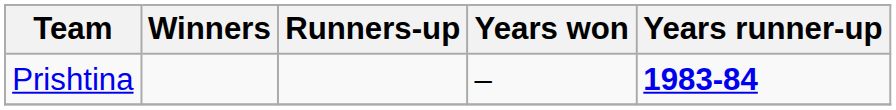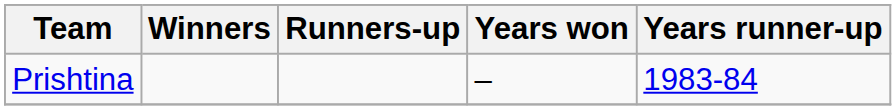 <table class="wikitable sortable">
 <tr>
 <th>Team</th>
 <th>Winners</th>
 <th>Runners-up</th>
 <th class="unsortable">Years won</th>
 <th class="unsortable">Years runner-up</th>
 </tr>
 <tr>
 <td><a href='#'>Prishtina</a></td>
 <td></td>
 <td></td>
 <td>–</td>
-<td><strong><a href='#'>1983-84</a></strong></td>
+<td><a href='#'>1983-84</a></td>
 </tr>
 <tr>
 </tr>
 </table>
